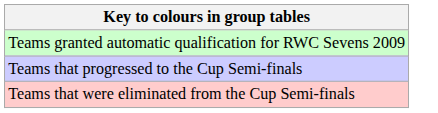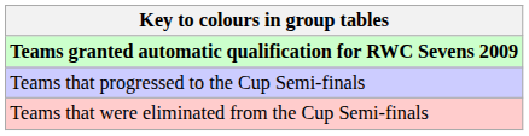 <table class="wikitable">
 <tr>
 <th>Key to colours in group tables</th>
 </tr>
 <tr bgcolor=#ccffcc>
-<td>Teams granted automatic qualification for RWC Sevens 2009</td>
+<td><strong>Teams granted automatic qualification for RWC Sevens 2009</strong></td>
 </tr>
 <tr bgcolor=#ccccff>
 <td>Teams that progressed to the Cup Semi-finals</td>
 </tr>
 <tr bgcolor="#ffcccc">
 <td>Teams that were eliminated from the Cup Semi-finals</td>
 </tr>
 </table>
